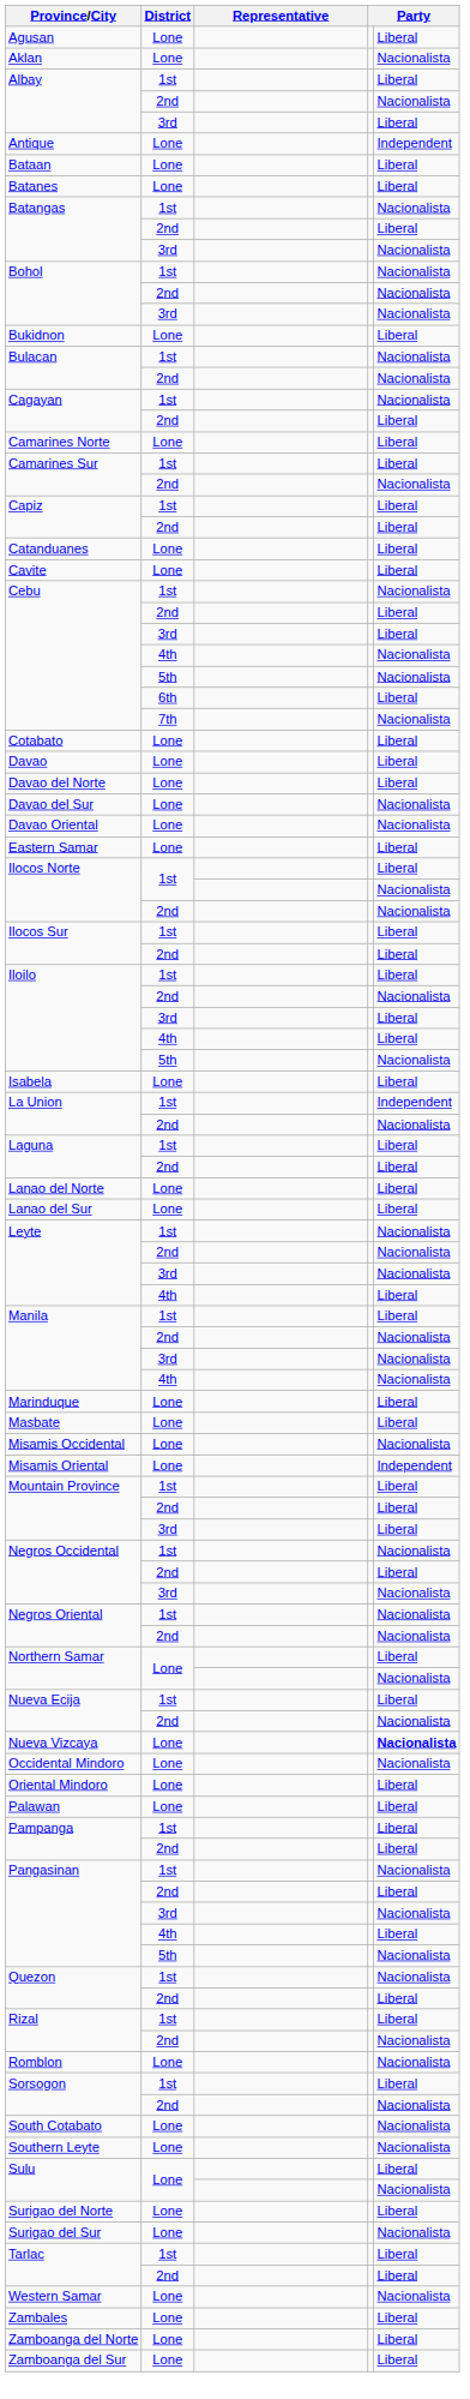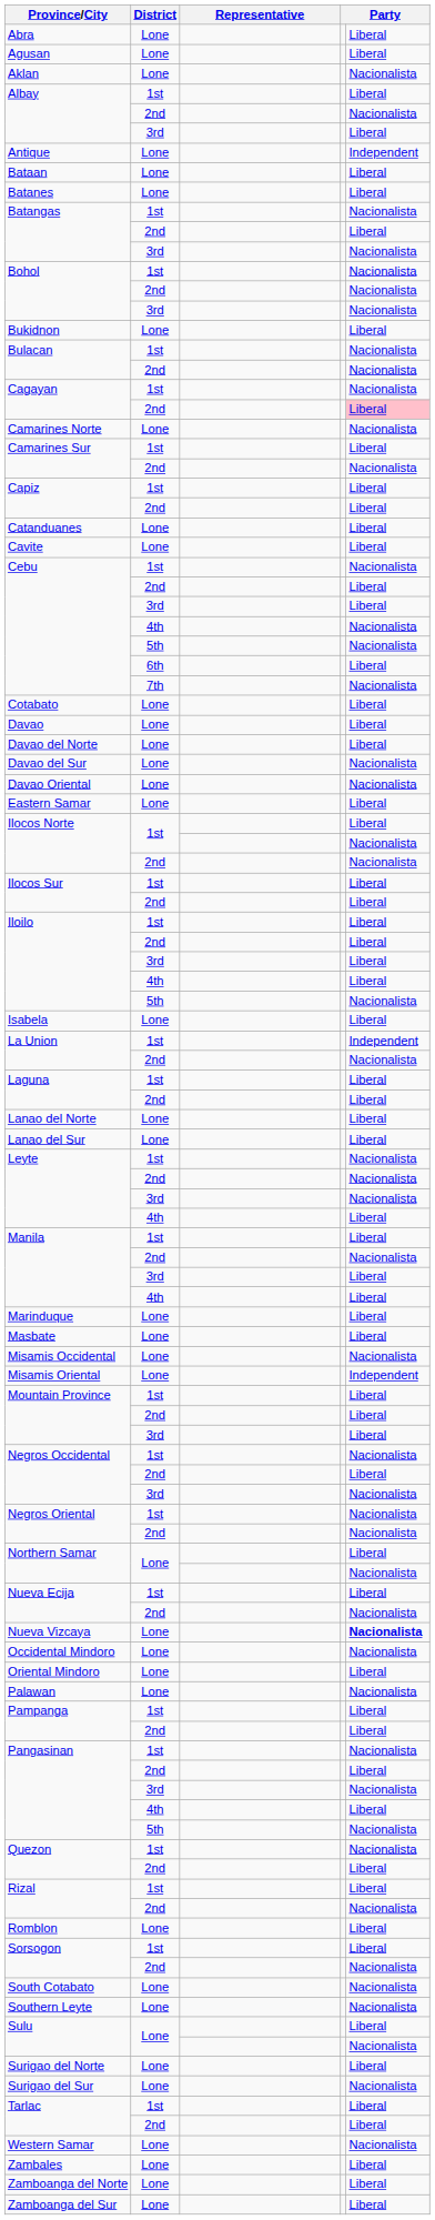 <table class="wikitable sortable">
 <tr>
 <th><a href='#'>Province</a>/<a href='#'>City</a></th>
 <th><a href='#'>District</a></th>
 <th width="200px"><a href='#'>Representative</a></th>
 <th colspan="2"><a href='#'>Party</a></th>
+</tr>
+<tr>
+<td valign="top"><a href='#'>Abra</a></td>
+<td align="center"><a href='#'>Lone</a></td>
+<td></td>
+<td></td>
+<td width="100px"><a href='#'>Liberal</a></td>
 </tr>
 <tr>
 <td valign="top"><a href='#'>Agusan</a></td>
 <td align="center"><a href='#'>Lone</a></td>
 <td></td>
 <td></td>
 <td><a href='#'>Liberal</a></td>
 </tr>
 <tr>
 <td valign="top"><a href='#'>Aklan</a></td>
 <td align="center"><a href='#'>Lone</a></td>
 <td></td>
 <td></td>
 <td><a href='#'>Nacionalista</a></td>
 </tr>
 <tr>
 <td rowspan="3" valign="top"><a href='#'>Albay</a></td>
 <td align="center"><a href='#'>1st</a></td>
 <td></td>
 <td></td>
 <td><a href='#'>Liberal</a></td>
 </tr>
 <tr>
 <td align="center"><a href='#'>2nd</a></td>
 <td></td>
 <td></td>
 <td><a href='#'>Nacionalista</a></td>
 </tr>
 <tr>
 <td align="center"><a href='#'>3rd</a></td>
 <td></td>
 <td></td>
 <td><a href='#'>Liberal</a></td>
 </tr>
 <tr>
 <td><a href='#'>Antique</a></td>
 <td align="center"><a href='#'>Lone</a></td>
 <td></td>
 <td></td>
 <td><a href='#'>Independent</a></td>
 </tr>
 <tr>
 <td valign="top"><a href='#'>Bataan</a></td>
 <td align="center"><a href='#'>Lone</a></td>
 <td></td>
 <td></td>
 <td><a href='#'>Liberal</a></td>
 </tr>
 <tr>
 <td valign="top"><a href='#'>Batanes</a></td>
 <td align="center"><a href='#'>Lone</a></td>
 <td></td>
 <td></td>
 <td><a href='#'>Liberal</a></td>
 </tr>
 <tr>
 <td rowspan="3" valign="top"><a href='#'>Batangas</a></td>
 <td align="center"><a href='#'>1st</a></td>
 <td></td>
 <td></td>
 <td><a href='#'>Nacionalista</a></td>
 </tr>
 <tr>
 <td align="center"><a href='#'>2nd</a></td>
 <td></td>
 <td></td>
 <td><a href='#'>Liberal</a></td>
 </tr>
 <tr>
 <td align="center"><a href='#'>3rd</a></td>
 <td></td>
 <td></td>
 <td><a href='#'>Nacionalista</a></td>
 </tr>
 <tr>
 <td rowspan="3" valign="top"><a href='#'>Bohol</a></td>
 <td align="center"><a href='#'>1st</a></td>
 <td></td>
 <td></td>
 <td><a href='#'>Nacionalista</a></td>
 </tr>
 <tr>
 <td align="center"><a href='#'>2nd</a></td>
 <td></td>
 <td></td>
 <td><a href='#'>Nacionalista</a></td>
 </tr>
 <tr>
 <td align="center"><a href='#'>3rd</a></td>
 <td></td>
 <td></td>
 <td><a href='#'>Nacionalista</a></td>
 </tr>
 <tr>
 <td valign="top"><a href='#'>Bukidnon</a></td>
 <td align="center"><a href='#'>Lone</a></td>
 <td></td>
 <td></td>
 <td><a href='#'>Liberal</a></td>
 </tr>
 <tr>
 <td rowspan="2" valign="top"><a href='#'>Bulacan</a></td>
 <td align="center"><a href='#'>1st</a></td>
 <td></td>
 <td></td>
 <td><a href='#'>Nacionalista</a></td>
 </tr>
 <tr>
 <td align="center"><a href='#'>2nd</a></td>
 <td></td>
 <td></td>
 <td><a href='#'>Nacionalista</a></td>
 </tr>
 <tr>
 <td rowspan="2" valign="top"><a href='#'>Cagayan</a></td>
 <td align="center"><a href='#'>1st</a></td>
 <td></td>
 <td></td>
 <td><a href='#'>Nacionalista</a></td>
 </tr>
 <tr>
 <td align="center"><a href='#'>2nd</a></td>
 <td></td>
 <td></td>
-<td><a href='#'>Liberal</a></td>
+<td style="background: pink;"><a href='#'>Liberal</a></td>
 </tr>
 <tr>
 <td valign="top"><a href='#'>Camarines Norte</a></td>
 <td align="center"><a href='#'>Lone</a></td>
 <td></td>
 <td></td>
-<td><a href='#'>Liberal</a></td>
+<td><a href='#'>Nacionalista</a></td>
 </tr>
 <tr>
 <td rowspan="2" valign="top"><a href='#'>Camarines Sur</a></td>
 <td align="center"><a href='#'>1st</a></td>
 <td></td>
 <td></td>
 <td><a href='#'>Liberal</a></td>
 </tr>
 <tr>
 <td align="center"><a href='#'>2nd</a></td>
 <td></td>
 <td></td>
 <td><a href='#'>Nacionalista</a></td>
 </tr>
 <tr>
 <td rowspan="2" valign="top"><a href='#'>Capiz</a></td>
 <td align="center"><a href='#'>1st</a></td>
 <td></td>
 <td></td>
 <td><a href='#'>Liberal</a></td>
 </tr>
 <tr>
 <td align="center"><a href='#'>2nd</a></td>
 <td></td>
 <td></td>
 <td><a href='#'>Liberal</a></td>
 </tr>
 <tr>
 <td valign="top"><a href='#'>Catanduanes</a></td>
 <td align="center"><a href='#'>Lone</a></td>
 <td></td>
 <td></td>
 <td><a href='#'>Liberal</a></td>
 </tr>
 <tr>
 <td valign="top"><a href='#'>Cavite</a></td>
 <td align="center"><a href='#'>Lone</a></td>
 <td></td>
 <td></td>
 <td><a href='#'>Liberal</a></td>
 </tr>
 <tr>
 <td rowspan="7" valign="top"><a href='#'>Cebu</a></td>
 <td align="center"><a href='#'>1st</a></td>
 <td></td>
 <td></td>
 <td><a href='#'>Nacionalista</a></td>
 </tr>
 <tr>
 <td align="center"><a href='#'>2nd</a></td>
 <td></td>
 <td></td>
 <td><a href='#'>Liberal</a></td>
 </tr>
 <tr>
 <td align="center"><a href='#'>3rd</a></td>
 <td></td>
 <td></td>
 <td><a href='#'>Liberal</a></td>
 </tr>
 <tr>
 <td align="center"><a href='#'>4th</a></td>
 <td></td>
 <td></td>
 <td><a href='#'>Nacionalista</a></td>
 </tr>
 <tr>
 <td align="center"><a href='#'>5th</a></td>
 <td></td>
 <td></td>
 <td><a href='#'>Nacionalista</a></td>
 </tr>
 <tr>
 <td align="center"><a href='#'>6th</a></td>
 <td></td>
 <td></td>
 <td><a href='#'>Liberal</a></td>
 </tr>
 <tr>
 <td align="center"><a href='#'>7th</a></td>
 <td></td>
 <td></td>
 <td><a href='#'>Nacionalista</a></td>
 </tr>
 <tr>
 <td valign="top"><a href='#'>Cotabato</a></td>
 <td align="center"><a href='#'>Lone</a></td>
 <td></td>
 <td></td>
 <td><a href='#'>Liberal</a></td>
 </tr>
 <tr>
 <td valign="top"><a href='#'>Davao</a></td>
 <td align="center"><a href='#'>Lone</a></td>
 <td></td>
 <td></td>
 <td><a href='#'>Liberal</a></td>
 </tr>
 <tr>
 <td valign="top"><a href='#'>Davao del Norte</a></td>
 <td align="center"><a href='#'>Lone</a></td>
 <td></td>
 <td></td>
 <td><a href='#'>Liberal</a></td>
 </tr>
 <tr>
 <td valign="top"><a href='#'>Davao del Sur</a></td>
 <td align="center"><a href='#'>Lone</a></td>
 <td></td>
 <td></td>
 <td><a href='#'>Nacionalista</a></td>
 </tr>
 <tr>
 <td valign="top"><a href='#'>Davao Oriental</a></td>
 <td align="center"><a href='#'>Lone</a></td>
 <td></td>
 <td></td>
 <td><a href='#'>Nacionalista</a></td>
 </tr>
 <tr>
 <td valign="top"><a href='#'>Eastern Samar</a></td>
 <td align="center"><a href='#'>Lone</a></td>
 <td></td>
 <td></td>
 <td><a href='#'>Liberal</a></td>
 </tr>
 <tr>
 <td rowspan="3" valign="top"><a href='#'>Ilocos Norte</a></td>
 <td rowspan="2" align="center"><a href='#'>1st</a></td>
 <td></td>
 <td></td>
 <td><a href='#'>Liberal</a></td>
 </tr>
 <tr>
 <td></td>
 <td></td>
 <td><a href='#'>Nacionalista</a></td>
 </tr>
 <tr>
 <td align="center"><a href='#'>2nd</a></td>
 <td></td>
 <td></td>
 <td><a href='#'>Nacionalista</a></td>
 </tr>
 <tr>
 <td rowspan="2" valign="top"><a href='#'>Ilocos Sur</a></td>
 <td align="center"><a href='#'>1st</a></td>
 <td></td>
 <td></td>
 <td><a href='#'>Liberal</a></td>
 </tr>
 <tr>
 <td align="center"><a href='#'>2nd</a></td>
 <td></td>
 <td></td>
 <td><a href='#'>Liberal</a></td>
 </tr>
 <tr>
 <td rowspan="5" valign="top"><a href='#'>Iloilo</a></td>
 <td align="center"><a href='#'>1st</a></td>
 <td></td>
 <td></td>
 <td><a href='#'>Liberal</a></td>
 </tr>
 <tr>
 <td align="center"><a href='#'>2nd</a></td>
 <td></td>
 <td></td>
-<td><a href='#'>Nacionalista</a></td>
+<td><a href='#'>Liberal</a></td>
 </tr>
 <tr>
 <td align="center"><a href='#'>3rd</a></td>
 <td></td>
 <td></td>
 <td><a href='#'>Liberal</a></td>
 </tr>
 <tr>
 <td align="center"><a href='#'>4th</a></td>
 <td></td>
 <td></td>
 <td><a href='#'>Liberal</a></td>
 </tr>
 <tr>
 <td align="center"><a href='#'>5th</a></td>
 <td></td>
 <td></td>
 <td><a href='#'>Nacionalista</a></td>
 </tr>
 <tr>
 <td valign="top"><a href='#'>Isabela</a></td>
 <td align="center"><a href='#'>Lone</a></td>
 <td></td>
 <td></td>
 <td><a href='#'>Liberal</a></td>
 </tr>
 <tr>
 <td rowspan="2" valign="top"><a href='#'>La Union</a></td>
 <td align="center"><a href='#'>1st</a></td>
 <td></td>
 <td></td>
 <td><a href='#'>Independent</a></td>
 </tr>
 <tr>
 <td align="center"><a href='#'>2nd</a></td>
 <td></td>
 <td></td>
 <td><a href='#'>Nacionalista</a></td>
 </tr>
 <tr>
 <td rowspan="2" valign="top"><a href='#'>Laguna</a></td>
 <td align="center"><a href='#'>1st</a></td>
 <td></td>
 <td></td>
 <td><a href='#'>Liberal</a></td>
 </tr>
 <tr>
 <td align="center"><a href='#'>2nd</a></td>
 <td></td>
 <td></td>
 <td><a href='#'>Liberal</a></td>
 </tr>
 <tr>
 <td valign="top"><a href='#'>Lanao del Norte</a></td>
 <td align="center"><a href='#'>Lone</a></td>
 <td></td>
 <td></td>
 <td><a href='#'>Liberal</a></td>
 </tr>
 <tr>
 <td valign="top"><a href='#'>Lanao del Sur</a></td>
 <td align="center"><a href='#'>Lone</a></td>
 <td></td>
 <td></td>
 <td><a href='#'>Liberal</a></td>
 </tr>
 <tr>
 <td rowspan="4" valign="top"><a href='#'>Leyte</a></td>
 <td align="center"><a href='#'>1st</a></td>
 <td></td>
 <td></td>
 <td><a href='#'>Nacionalista</a></td>
 </tr>
 <tr>
 <td align="center"><a href='#'>2nd</a></td>
 <td></td>
 <td></td>
 <td><a href='#'>Nacionalista</a></td>
 </tr>
 <tr>
 <td align="center"><a href='#'>3rd</a></td>
 <td></td>
 <td></td>
 <td><a href='#'>Nacionalista</a></td>
 </tr>
 <tr>
 <td align="center"><a href='#'>4th</a></td>
 <td></td>
 <td></td>
 <td><a href='#'>Liberal</a></td>
 </tr>
 <tr>
 <td rowspan="4" valign="top"><a href='#'>Manila</a></td>
 <td align="center"><a href='#'>1st</a></td>
 <td></td>
 <td></td>
 <td><a href='#'>Liberal</a></td>
 </tr>
 <tr>
 <td align="center"><a href='#'>2nd</a></td>
 <td></td>
 <td></td>
 <td><a href='#'>Nacionalista</a></td>
 </tr>
 <tr>
 <td align="center"><a href='#'>3rd</a></td>
 <td></td>
 <td></td>
-<td><a href='#'>Nacionalista</a></td>
+<td><a href='#'>Liberal</a></td>
 </tr>
 <tr>
 <td align="center"><a href='#'>4th</a></td>
 <td></td>
 <td></td>
-<td><a href='#'>Nacionalista</a></td>
+<td><a href='#'>Liberal</a></td>
 </tr>
 <tr>
 <td valign="top"><a href='#'>Marinduque</a></td>
 <td align="center"><a href='#'>Lone</a></td>
 <td></td>
 <td></td>
 <td><a href='#'>Liberal</a></td>
 </tr>
 <tr>
 <td valign="top"><a href='#'>Masbate</a></td>
 <td align="center"><a href='#'>Lone</a></td>
 <td></td>
 <td></td>
 <td><a href='#'>Liberal</a></td>
 </tr>
 <tr>
 <td valign="top"><a href='#'>Misamis Occidental</a></td>
 <td align="center"><a href='#'>Lone</a></td>
 <td></td>
 <td></td>
 <td><a href='#'>Nacionalista</a></td>
 </tr>
 <tr>
 <td valign="top"><a href='#'>Misamis Oriental</a></td>
 <td align="center"><a href='#'>Lone</a></td>
 <td></td>
 <td></td>
 <td><a href='#'>Independent</a></td>
 </tr>
 <tr>
 <td rowspan="3" valign="top"><a href='#'>Mountain Province</a></td>
 <td align="center"><a href='#'>1st</a></td>
 <td></td>
 <td></td>
 <td><a href='#'>Liberal</a></td>
 </tr>
 <tr>
 <td align="center"><a href='#'>2nd</a></td>
 <td></td>
 <td></td>
 <td><a href='#'>Liberal</a></td>
 </tr>
 <tr>
 <td align="center"><a href='#'>3rd</a></td>
 <td></td>
 <td></td>
 <td><a href='#'>Liberal</a></td>
 </tr>
 <tr>
 <td rowspan="3" valign="top"><a href='#'>Negros Occidental</a></td>
 <td align="center"><a href='#'>1st</a></td>
 <td></td>
 <td></td>
 <td><a href='#'>Nacionalista</a></td>
 </tr>
 <tr>
 <td align="center"><a href='#'>2nd</a></td>
 <td></td>
 <td></td>
 <td><a href='#'>Liberal</a></td>
 </tr>
 <tr>
 <td align="center"><a href='#'>3rd</a></td>
 <td></td>
 <td></td>
 <td><a href='#'>Nacionalista</a></td>
 </tr>
 <tr>
 <td rowspan="2" valign="top"><a href='#'>Negros Oriental</a></td>
 <td align="center"><a href='#'>1st</a></td>
 <td></td>
 <td></td>
 <td><a href='#'>Nacionalista</a></td>
 </tr>
 <tr>
 <td align="center"><a href='#'>2nd</a></td>
 <td></td>
 <td></td>
 <td><a href='#'>Nacionalista</a></td>
 </tr>
 <tr>
 <td rowspan="2" valign="top"><a href='#'>Northern Samar</a></td>
 <td rowspan="2"  align="center"><a href='#'>Lone</a></td>
 <td></td>
 <td></td>
 <td><a href='#'>Liberal</a></td>
 </tr>
 <tr>
 <td></td>
 <td></td>
 <td><a href='#'>Nacionalista</a></td>
 </tr>
 <tr>
 <td rowspan="2" valign="top"><a href='#'>Nueva Ecija</a></td>
 <td align="center"><a href='#'>1st</a></td>
 <td></td>
 <td></td>
 <td><a href='#'>Liberal</a></td>
 </tr>
 <tr>
 <td align="center"><a href='#'>2nd</a></td>
 <td></td>
 <td></td>
 <td><a href='#'>Nacionalista</a></td>
 </tr>
 <tr>
 <td valign="top"><a href='#'>Nueva Vizcaya</a></td>
 <td align="center"><a href='#'>Lone</a></td>
 <td></td>
 <td></td>
 <td><strong><a href='#'>Nacionalista</a></strong></td>
 </tr>
 <tr>
 <td valign="top"><a href='#'>Occidental Mindoro</a></td>
 <td align="center"><a href='#'>Lone</a></td>
 <td></td>
 <td></td>
 <td><a href='#'>Nacionalista</a></td>
 </tr>
 <tr>
 <td valign="top"><a href='#'>Oriental Mindoro</a></td>
 <td align="center"><a href='#'>Lone</a></td>
 <td></td>
 <td></td>
 <td><a href='#'>Liberal</a></td>
 </tr>
 <tr>
 <td valign="top"><a href='#'>Palawan</a></td>
 <td align="center"><a href='#'>Lone</a></td>
 <td></td>
 <td></td>
-<td><a href='#'>Liberal</a></td>
+<td><a href='#'>Nacionalista</a></td>
 </tr>
 <tr>
 <td rowspan="2" valign="top"><a href='#'>Pampanga</a></td>
 <td align="center"><a href='#'>1st</a></td>
 <td></td>
 <td></td>
 <td><a href='#'>Liberal</a></td>
 </tr>
 <tr>
 <td align="center"><a href='#'>2nd</a></td>
 <td></td>
 <td></td>
 <td><a href='#'>Liberal</a></td>
 </tr>
 <tr>
 <td rowspan="5" valign="top"><a href='#'>Pangasinan</a></td>
 <td align="center"><a href='#'>1st</a></td>
 <td></td>
 <td></td>
 <td><a href='#'>Nacionalista</a></td>
 </tr>
 <tr>
 <td align="center"><a href='#'>2nd</a></td>
 <td></td>
 <td></td>
 <td><a href='#'>Liberal</a></td>
 </tr>
 <tr>
 <td align="center"><a href='#'>3rd</a></td>
 <td></td>
 <td></td>
 <td><a href='#'>Nacionalista</a></td>
 </tr>
 <tr>
 <td align="center"><a href='#'>4th</a></td>
 <td></td>
 <td></td>
 <td><a href='#'>Liberal</a></td>
 </tr>
 <tr>
 <td align="center"><a href='#'>5th</a></td>
 <td></td>
 <td></td>
 <td><a href='#'>Nacionalista</a></td>
 </tr>
 <tr>
 <td rowspan="2"  valign="top"><a href='#'>Quezon</a></td>
 <td align="center"><a href='#'>1st</a></td>
 <td></td>
 <td></td>
 <td><a href='#'>Nacionalista</a></td>
 </tr>
 <tr>
 <td align="center"><a href='#'>2nd</a></td>
 <td></td>
 <td></td>
 <td><a href='#'>Liberal</a></td>
 </tr>
 <tr>
 <td rowspan="2" valign="top"><a href='#'>Rizal</a></td>
 <td align="center"><a href='#'>1st</a></td>
 <td></td>
 <td></td>
 <td><a href='#'>Liberal</a></td>
 </tr>
 <tr>
 <td align="center"><a href='#'>2nd</a></td>
 <td></td>
 <td></td>
 <td><a href='#'>Nacionalista</a></td>
 </tr>
 <tr>
 <td valign="top"><a href='#'>Romblon</a></td>
 <td align="center"><a href='#'>Lone</a></td>
 <td></td>
 <td></td>
-<td><a href='#'>Nacionalista</a></td>
+<td><a href='#'>Liberal</a></td>
 </tr>
 <tr>
 <td rowspan="2" valign="top"><a href='#'>Sorsogon</a></td>
 <td align="center"><a href='#'>1st</a></td>
 <td></td>
 <td></td>
 <td><a href='#'>Liberal</a></td>
 </tr>
 <tr>
 <td align="center"><a href='#'>2nd</a></td>
 <td></td>
 <td></td>
 <td><a href='#'>Nacionalista</a></td>
 </tr>
 <tr>
 <td valign="top"><a href='#'>South Cotabato</a></td>
 <td align="center"><a href='#'>Lone</a></td>
 <td></td>
 <td></td>
 <td><a href='#'>Nacionalista</a></td>
 </tr>
 <tr>
 <td valign="top"><a href='#'>Southern Leyte</a></td>
 <td align="center"><a href='#'>Lone</a></td>
 <td></td>
 <td></td>
 <td><a href='#'>Nacionalista</a></td>
 </tr>
 <tr>
 <td rowspan="2" valign="top"><a href='#'>Sulu</a></td>
 <td rowspan="2" align="center"><a href='#'>Lone</a></td>
 <td></td>
 <td></td>
 <td><a href='#'>Liberal</a></td>
 </tr>
 <tr>
 <td></td>
 <td></td>
 <td><a href='#'>Nacionalista</a></td>
 </tr>
 <tr>
 <td valign="top"><a href='#'>Surigao del Norte</a></td>
 <td align="center"><a href='#'>Lone</a></td>
 <td></td>
 <td></td>
 <td><a href='#'>Liberal</a></td>
 </tr>
 <tr>
 <td valign="top"><a href='#'>Surigao del Sur</a></td>
 <td align="center"><a href='#'>Lone</a></td>
 <td></td>
 <td></td>
 <td><a href='#'>Nacionalista</a></td>
 </tr>
 <tr>
 <td rowspan="2" valign="top"><a href='#'>Tarlac</a></td>
 <td align="center"><a href='#'>1st</a></td>
 <td></td>
 <td></td>
 <td><a href='#'>Liberal</a></td>
 </tr>
 <tr>
 <td align="center"><a href='#'>2nd</a></td>
 <td></td>
 <td></td>
 <td><a href='#'>Liberal</a></td>
 </tr>
 <tr>
 <td valign="top"><a href='#'>Western Samar</a></td>
 <td align="center"><a href='#'>Lone</a></td>
 <td></td>
 <td></td>
 <td><a href='#'>Nacionalista</a></td>
 </tr>
 <tr>
 <td valign="top"><a href='#'>Zambales</a></td>
 <td align="center"><a href='#'>Lone</a></td>
 <td></td>
 <td></td>
 <td><a href='#'>Liberal</a></td>
 </tr>
 <tr>
 <td valign="top"><a href='#'>Zamboanga del Norte</a></td>
 <td align="center"><a href='#'>Lone</a></td>
 <td></td>
 <td></td>
 <td><a href='#'>Liberal</a></td>
 </tr>
 <tr>
 <td valign="top"><a href='#'>Zamboanga del Sur</a></td>
 <td align="center"><a href='#'>Lone</a></td>
 <td></td>
 <td></td>
 <td><a href='#'>Liberal</a></td>
 </tr>
 </table>
